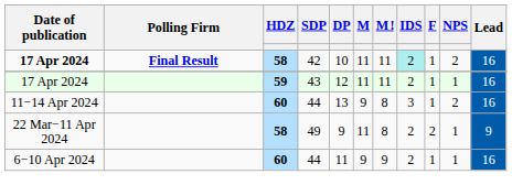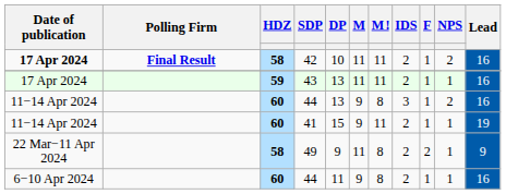 <table class="wikitable sortable" style="text-align:center; font-size:90%; line-height:16px;">
 <tr style="height:42px;">
 <th style="width:100px;" rowspan="2">Date of publication</th>
 <th style="width:165px;" rowspan="2">Polling Firm</th>
 <th><a href='#'>HDZ</a></th>
 <th><a href='#'>SDP</a></th>
 <th><a href='#'>DP</a></th>
 <th><a href='#'>M</a></th>
 <th style="letter-spacing:-1px;"><a href='#'>M !</a></th>
 <th><a href='#'>IDS</a></th>
 <th><a href='#'>F</a></th>
 <th><a href='#'>NPS</a></th>
 <th class="unsortable" style="width:20px;" rowspan="2">Lead</th>
 </tr>
 <tr>
 <th style="color:inherit;background:"></th>
 <th data-sort-type="number" style="color:inherit;background:"></th>
 <th style="color:inherit;background:"></th>
 <th style="color:inherit;background:"></th>
 <th style="color:inherit;background:"></th>
 <th style="color:inherit;background:"></th>
 <th style="color:inherit;background:"></th>
 <th style="color:inherit;background:"></th>
 </tr>
 <tr>
 <td><strong>17 Apr 2024</strong></td>
 <td><strong><a href='#'>Final Result</a></strong></td>
 <td style="background:#B3E0FF"><strong>58</strong></td>
 <td>42</td>
 <td>10</td>
 <td>11</td>
 <td>11</td>
-<td style="background: paleturquoise;">2</td>
+<td>2</td>
 <td>1</td>
 <td>2</td>
 <td style="background:#005BAA; color: white">16</td>
 </tr>
 <tr>
 </tr>
 <tr style="background:#EAFFEA"|>
 <td>17 Apr 2024</td>
 <td></td>
 <td style="background:#B3E0FF"><strong>59</strong></td>
 <td>43</td>
-<td>12</td>
+<td>13</td>
 <td>11</td>
 <td>11</td>
 <td>2</td>
 <td>1</td>
 <td>1</td>
 <td style="background:#005BAA; color: white">16</td>
 </tr>
 <tr>
 <td>11−14 Apr 2024</td>
 <td></td>
 <td style="background:#B3E0FF"><strong>60</strong></td>
 <td>44</td>
 <td>13</td>
 <td>9</td>
 <td>8</td>
 <td>3</td>
 <td>1</td>
 <td>2</td>
 <td style="background:#005BAA; color: white">16</td>
 </tr>
 <tr>
+<td>11−14 Apr 2024</td>
+<td></td>
+<td style="background:#B3E0FF"><strong>60</strong></td>
+<td>41</td>
+<td>15</td>
+<td>9</td>
+<td>11</td>
+<td>2</td>
+<td>1</td>
+<td>1</td>
+<td style="background:#005BAA; color: white">19</td>
+</tr>
+<tr>
 <td>22 Mar−11 Apr 2024</td>
 <td></td>
 <td style="background:#B3E0FF"><strong>58</strong></td>
 <td>49</td>
 <td>9</td>
 <td>11</td>
 <td>8</td>
 <td>2</td>
 <td>2</td>
 <td>1</td>
 <td style="background:#005BAA; color: white">9</td>
 </tr>
 <tr>
 <td>6−10 Apr 2024</td>
 <td></td>
 <td style="background:#B3E0FF"><strong>60</strong></td>
 <td>44</td>
 <td>11</td>
 <td>9</td>
-<td>9</td>
+<td>8</td>
 <td>2</td>
 <td>1</td>
 <td>1</td>
 <td style="background:#005BAA; color: white">16</td>
 </tr>
 </table>
